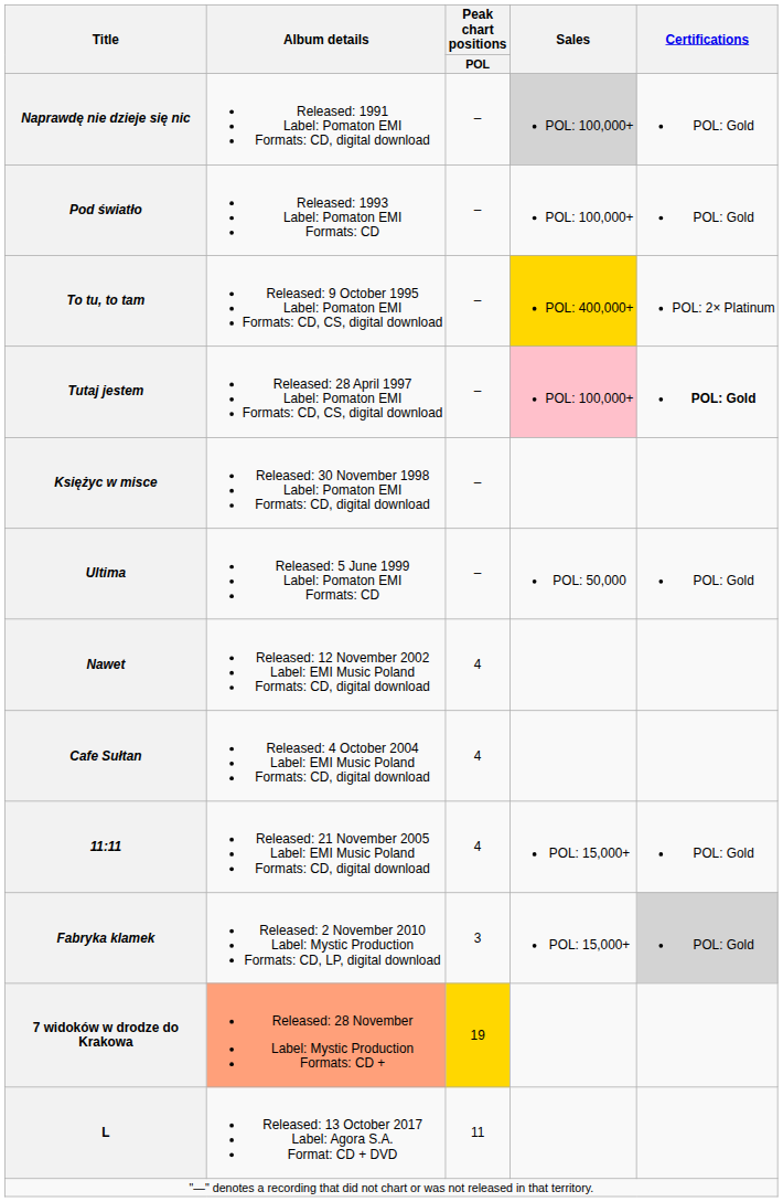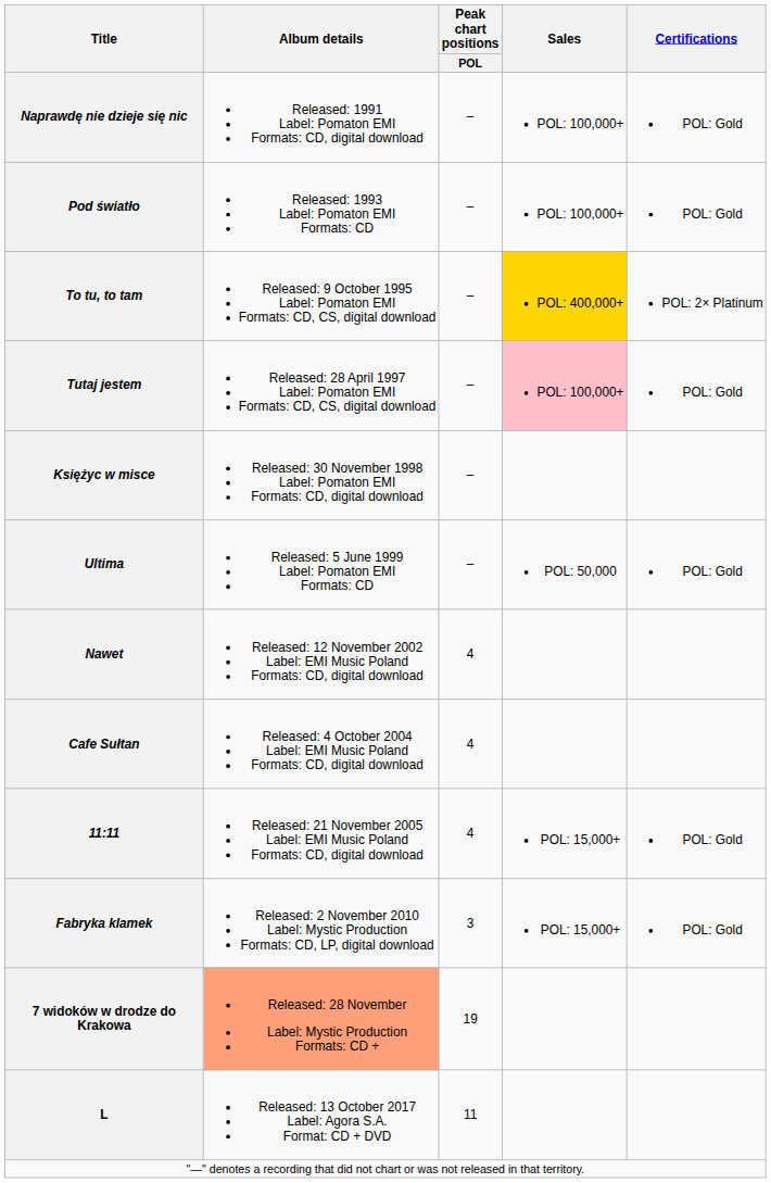 <table class="wikitable plainrowheaders" style="text-align:center;">
 <tr>
 <th scope="col" rowspan="2" style="width:15em;">Title</th>
 <th scope="col" rowspan="2">Album details</th>
 <th scope="col" colspan="1">Peak chart positions</th>
 <th scope="col" rowspan="2">Sales</th>
 <th scope="col" rowspan="2"><a href='#'>Certifications</a></th>
 </tr>
 <tr>
 <th scope="col" style="width:3em;font-size:90%;">POL<br></th>
 </tr>
 <tr>
 <th scope="row"><em>Naprawdę nie dzieje się nic</em></th>
 <td><br><ul><li>Released: 1991</li><li>Label: Pomaton EMI</li><li>Formats: CD, digital download</li></ul></td>
 <td>–</td>
-<td style="background: lightgrey;"><br><ul><li>POL: 100,000+</li></ul></td>
+<td><br><ul><li>POL: 100,000+</li></ul></td>
 <td><br><ul><li>POL: Gold</li></ul></td>
 </tr>
 <tr>
 <th scope="row"><em>Pod światło</em></th>
 <td><br><ul><li>Released: 1993</li><li>Label: Pomaton EMI</li><li>Formats: CD</li></ul></td>
 <td>–</td>
 <td><br><ul><li>POL: 100,000+</li></ul></td>
 <td><br><ul><li>POL: Gold</li></ul></td>
 </tr>
 <tr>
 <th scope="row"><em>To tu, to tam</em></th>
 <td><br><ul><li>Released: 9 October 1995</li><li>Label: Pomaton EMI</li><li>Formats: CD, CS, digital download</li></ul></td>
 <td>–</td>
 <td style="background: gold;"><br><ul><li>POL: 400,000+</li></ul></td>
 <td><br><ul><li>POL: 2× Platinum</li></ul></td>
 </tr>
 <tr>
 <th scope="row"><em>Tutaj jestem</em></th>
 <td><br><ul><li>Released: 28 April 1997</li><li>Label: Pomaton EMI</li><li>Formats: CD, CS, digital download</li></ul></td>
 <td>–</td>
 <td style="background: pink;"><br><ul><li>POL: 100,000+</li></ul></td>
-<td><strong><br><ul><li>POL: Gold</li></ul></strong></td>
+<td><br><ul><li>POL: Gold</li></ul></td>
 </tr>
 <tr>
 <th scope="row"><em>Księżyc w misce</em></th>
 <td><br><ul><li>Released: 30 November 1998</li><li>Label: Pomaton EMI</li><li>Formats: CD, digital download</li></ul></td>
 <td>–</td>
 <td></td>
 <td></td>
 </tr>
 <tr>
 <th scope="row"><em>Ultima</em></th>
 <td><br><ul><li>Released: 5 June 1999</li><li>Label: Pomaton EMI</li><li>Formats: CD</li></ul></td>
 <td>–</td>
 <td><br><ul><li>POL: 50,000</li></ul></td>
 <td><br><ul><li>POL: Gold</li></ul></td>
 </tr>
 <tr>
 <th scope="row"><em>Nawet</em></th>
 <td><br><ul><li>Released: 12 November 2002</li><li>Label: EMI Music Poland</li><li>Formats: CD, digital download</li></ul></td>
 <td>4</td>
 <td></td>
 <td></td>
 </tr>
 <tr>
 <th scope="row"><em>Cafe Sułtan</em></th>
 <td><br><ul><li>Released: 4 October 2004</li><li>Label: EMI Music Poland</li><li>Formats: CD, digital download</li></ul></td>
 <td>4</td>
 <td></td>
 <td></td>
 </tr>
 <tr>
 <th scope="row"><em>11:11</em></th>
 <td><br><ul><li>Released: 21 November 2005</li><li>Label: EMI Music Poland</li><li>Formats: CD, digital download</li></ul></td>
 <td>4</td>
 <td><br><ul><li>POL: 15,000+</li></ul></td>
 <td><br><ul><li>POL: Gold</li></ul></td>
 </tr>
 <tr>
 <th scope="row"><em>Fabryka klamek</em></th>
 <td><br><ul><li>Released: 2 November 2010</li><li>Label: Mystic Production</li><li>Formats: CD, LP, digital download</li></ul></td>
 <td>3</td>
 <td><br><ul><li>POL: 15,000+</li></ul></td>
-<td style="background: lightgrey;"><br><ul><li>POL: Gold</li></ul></td>
+<td><br><ul><li>POL: Gold</li></ul></td>
 </tr>
 <tr>
 <th>7 widoków w drodze do Krakowa</th>
 <td style="background: lightsalmon;"><br><ul><li>Released: 28 November </li></ul><ul><li>Label: Mystic Production</li><li>Formats: CD + </li></ul></td>
-<td style="background: gold;">19</td>
+<td>19</td>
 <td></td>
 <td></td>
 </tr>
 <tr>
 <th>L</th>
 <td><br><ul><li>Released: 13 October 2017</li><li>Label: Agora S.A.</li><li>Format: CD + DVD</li></ul></td>
 <td>11</td>
 <td></td>
 <td></td>
 </tr>
 <tr>
 <td colspan="20" style="font-size:90%">"—" denotes a recording that did not chart or was not released in that territory.</td>
 </tr>
 </table>
